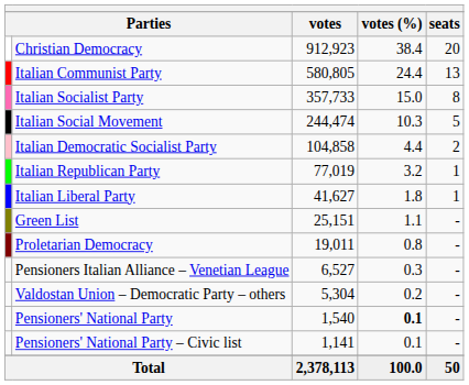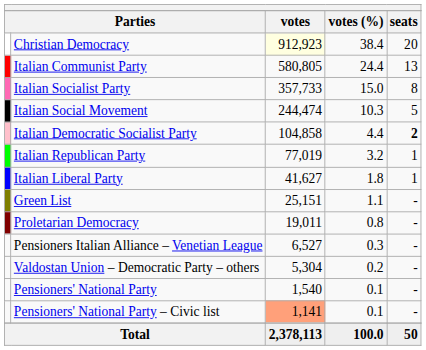 <table class="wikitable" style="font-size:95%">
 <tr>
 <th colspan=5></th>
 </tr>
 <tr>
 </tr>
 <tr bgcolor="EFEFEF">
 <th colspan=2>Parties</th>
 <th>votes</th>
 <th>votes (%)</th>
 <th>seats</th>
 </tr>
 <tr>
 <td bgcolor=White></td>
 <td><a href='#'>Christian Democracy</a></td>
-<td align=right>912,923</td>
+<td align=right style="background: lightyellow;">912,923</td>
 <td align=right>38.4</td>
 <td align=right>20</td>
 </tr>
 <tr>
 <td bgcolor=Red></td>
 <td><a href='#'>Italian Communist Party</a></td>
 <td align=right>580,805</td>
 <td align=right>24.4</td>
 <td align=right>13</td>
 </tr>
 <tr>
 <td bgcolor=Hotpink></td>
 <td><a href='#'>Italian Socialist Party</a></td>
 <td align=right>357,733</td>
 <td align=right>15.0</td>
 <td align=right>8</td>
 </tr>
 <tr>
 <td bgcolor=Black></td>
 <td><a href='#'>Italian Social Movement</a></td>
 <td align=right>244,474</td>
 <td align=right>10.3</td>
 <td align=right>5</td>
 </tr>
 <tr>
 <td bgcolor=Pink></td>
 <td><a href='#'>Italian Democratic Socialist Party</a></td>
 <td align=right>104,858</td>
 <td align=right>4.4</td>
-<td align=right>2</td>
+<td align=right><strong>2</strong></td>
 </tr>
 <tr>
 <td bgcolor=Lime></td>
 <td><a href='#'>Italian Republican Party</a></td>
 <td align=right>77,019</td>
 <td align=right>3.2</td>
 <td align=right>1</td>
 </tr>
 <tr>
 <td bgcolor=Blue></td>
 <td><a href='#'>Italian Liberal Party</a></td>
 <td align=right>41,627</td>
 <td align=right>1.8</td>
 <td align=right>1</td>
 </tr>
 <tr>
 <td bgcolor=Olive></td>
 <td><a href='#'>Green List</a></td>
 <td align=right>25,151</td>
 <td align=right>1.1</td>
 <td align=right>-</td>
 </tr>
 <tr>
 <td bgcolor=Maroon></td>
 <td><a href='#'>Proletarian Democracy</a></td>
 <td align=right>19,011</td>
 <td align=right>0.8</td>
 <td align=right>-</td>
 </tr>
 <tr>
 <td bgcolor=></td>
 <td>Pensioners Italian Alliance – <a href='#'>Venetian League</a></td>
 <td align=right>6,527</td>
 <td align=right>0.3</td>
 <td align=right>-</td>
 </tr>
 <tr>
 <td bgcolor=></td>
 <td><a href='#'>Valdostan Union</a> – Democratic Party – others</td>
 <td align=right>5,304</td>
 <td align=right>0.2</td>
 <td align=right>-</td>
 </tr>
 <tr>
 <td bgcolor=></td>
 <td><a href='#'>Pensioners' National Party</a></td>
 <td align=right>1,540</td>
-<td align=right><strong>0.1</strong></td>
+<td align=right>0.1</td>
 <td align=right>-</td>
 </tr>
 <tr>
 <td bgcolor=></td>
 <td><a href='#'>Pensioners' National Party</a> – Civic list</td>
-<td align=right>1,141</td>
+<td align=right style="background: lightsalmon;">1,141</td>
 <td align=right>0.1</td>
 <td align=right>-</td>
 </tr>
 <tr>
 </tr>
 <tr bgcolor="EFEFEF">
 <th colspan=2><strong>Total</strong></th>
 <td align=right><strong>2,378,113</strong></td>
 <td align=right><strong>100.0</strong></td>
 <td align=right><strong>50</strong></td>
 </tr>
 </table>
